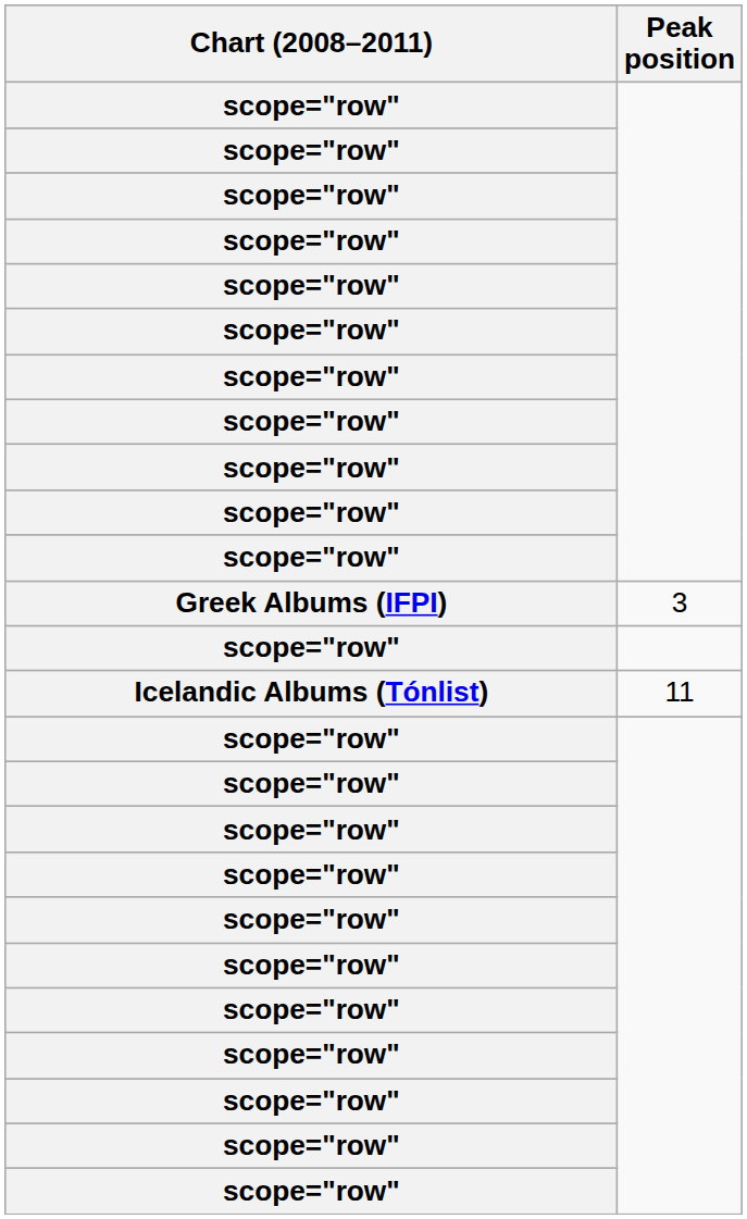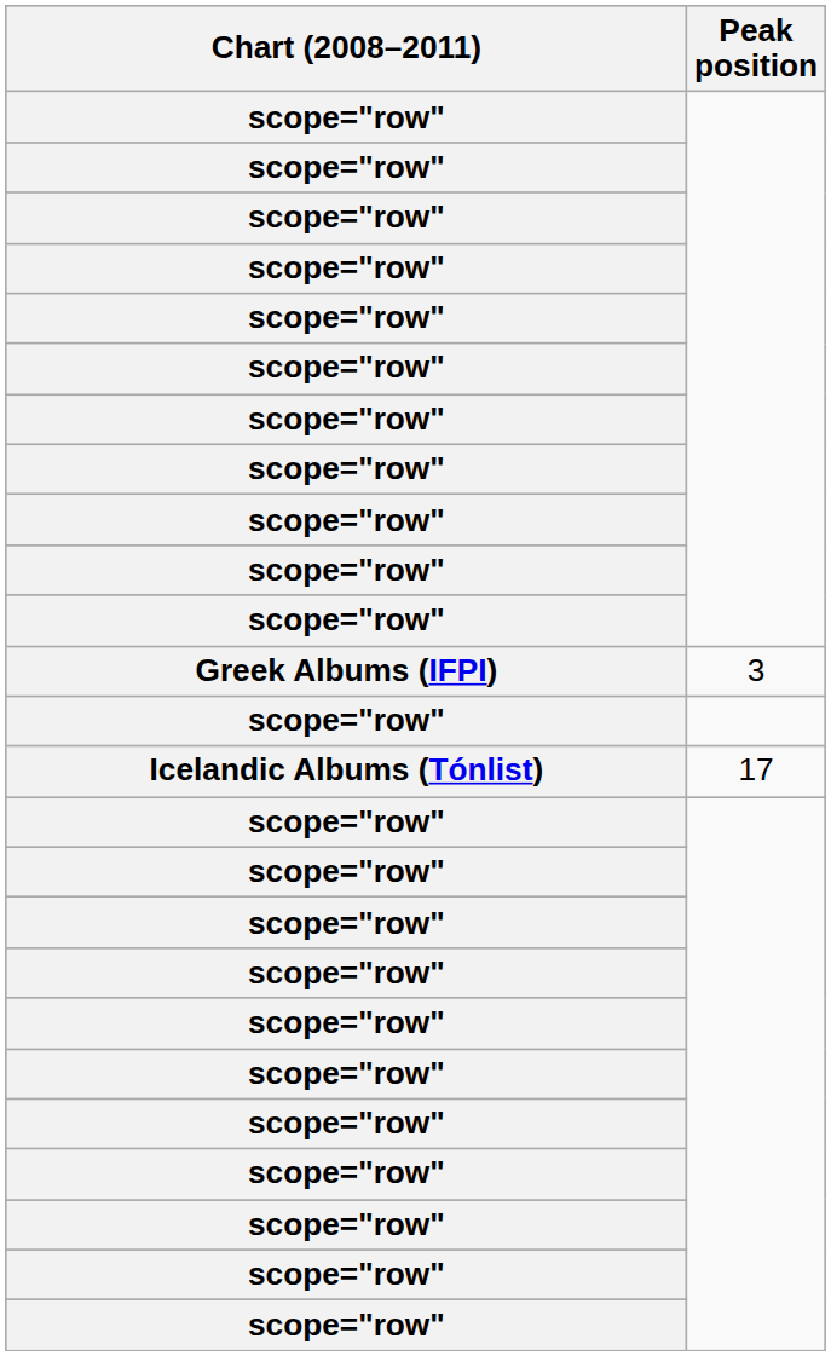 <table class="wikitable plainrowheaders sortable" style="text-align:center;">
 <tr>
 <th scope="col" style="width:21em;">Chart (2008–2011)</th>
 <th scope="col">Peak<br>position</th>
 </tr>
 <tr>
 <th>scope="row" </th>
 </tr>
 <tr>
 <th>scope="row" </th>
 </tr>
 <tr>
 <th>scope="row" </th>
 </tr>
 <tr>
 <th>scope="row" </th>
 </tr>
 <tr>
 <th>scope="row" </th>
 </tr>
 <tr>
 <th>scope="row" </th>
 </tr>
 <tr>
 <th>scope="row" </th>
 </tr>
 <tr>
 <th>scope="row" </th>
 </tr>
 <tr>
 <th>scope="row" </th>
 </tr>
 <tr>
 <th>scope="row" </th>
 </tr>
 <tr>
 <th>scope="row" </th>
 </tr>
 <tr>
 <th scope="row">Greek Albums (<a href='#'>IFPI</a>)</th>
 <td>3</td>
 </tr>
 <tr>
 <th>scope="row" </th>
 </tr>
 <tr>
 <th scope="row">Icelandic Albums (<a href='#'>Tónlist</a>)</th>
-<td>11</td>
+<td>17</td>
 </tr>
 <tr>
 <th>scope="row" </th>
 </tr>
 <tr>
 <th>scope="row" </th>
 </tr>
 <tr>
 <th>scope="row" </th>
 </tr>
 <tr>
 <th>scope="row" </th>
 </tr>
 <tr>
 <th>scope="row" </th>
 </tr>
 <tr>
 <th>scope="row" </th>
 </tr>
 <tr>
 <th>scope="row" </th>
 </tr>
 <tr>
 <th>scope="row" </th>
 </tr>
 <tr>
 <th>scope="row" </th>
 </tr>
 <tr>
 <th>scope="row" </th>
 </tr>
 <tr>
 <th>scope="row" </th>
 </tr>
 </table>
